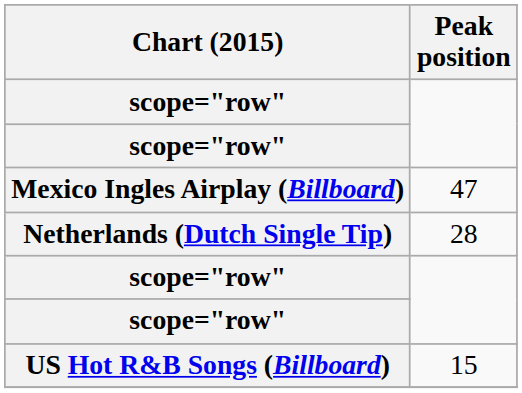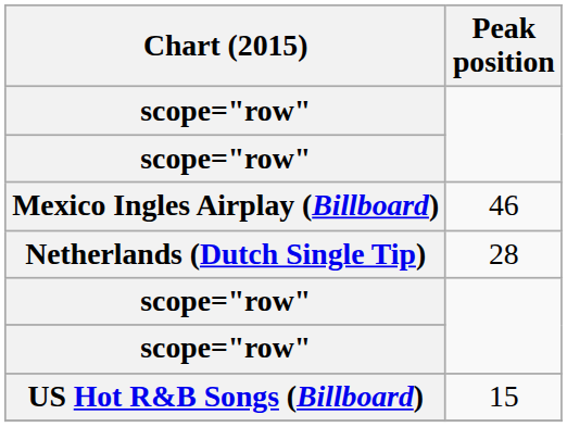 <table class="wikitable plainrowheaders sortable" style="text-align:center;">
 <tr>
 <th scope="col">Chart (2015)</th>
 <th scope="col">Peak<br>position</th>
 </tr>
 <tr>
 <th>scope="row" </th>
 </tr>
 <tr>
 <th>scope="row" </th>
 </tr>
 <tr>
 <th scope="row">Mexico Ingles Airplay (<em><a href='#'>Billboard</a></em>)</th>
-<td>47</td>
+<td>46</td>
 </tr>
 <tr>
 <th scope="row">Netherlands (<a href='#'>Dutch Single Tip</a>)</th>
 <td>28</td>
 </tr>
 <tr>
 <th>scope="row" </th>
 </tr>
 <tr>
 <th>scope="row" </th>
 </tr>
 <tr>
 <th scope="row">US <a href='#'>Hot R&B Songs</a> (<em><a href='#'>Billboard</a></em>)</th>
 <td style="text-align:center;">15</td>
 </tr>
 <tr>
 </tr>
 </table>
